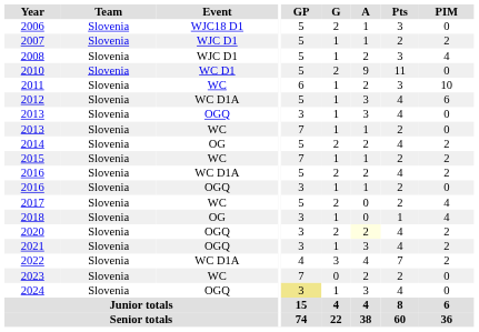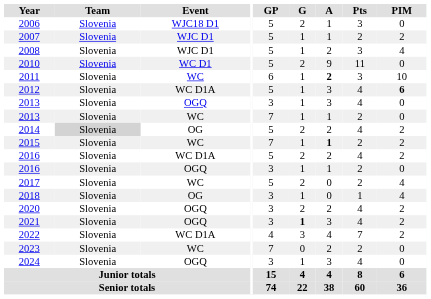 <table border="0" cellpadding="1" cellspacing="0" ID="Table3" style="text-align:center; width:40em">
 <tr ALIGN="center" bgcolor="#e0e0e0">
 <th>Year</th>
 <th>Team</th>
 <th>Event</th>
 <th rowspan="99" bgcolor="#ffffff"></th>
 <th>GP</th>
 <th>G</th>
 <th>A</th>
 <th>Pts</th>
 <th>PIM</th>
 </tr>
 <tr>
 <td><a href='#'>2006</a></td>
 <td><a href='#'>Slovenia</a></td>
 <td><a href='#'>WJC18 D1</a></td>
 <td>5</td>
 <td>2</td>
 <td>1</td>
 <td>3</td>
 <td>0</td>
 </tr>
 <tr bgcolor="#f0f0f0">
 <td><a href='#'>2007</a></td>
 <td><a href='#'>Slovenia</a></td>
 <td><a href='#'>WJC D1</a></td>
 <td>5</td>
 <td>1</td>
 <td>1</td>
 <td>2</td>
 <td>2</td>
 </tr>
 <tr>
 <td><a href='#'>2008</a></td>
 <td>Slovenia</td>
 <td>WJC D1</td>
 <td>5</td>
 <td>1</td>
 <td>2</td>
 <td>3</td>
 <td>4</td>
 </tr>
 <tr bgcolor="#f0f0f0">
 <td><a href='#'>2010</a></td>
 <td><a href='#'>Slovenia</a></td>
 <td><a href='#'>WC D1</a></td>
 <td>5</td>
 <td>2</td>
 <td>9</td>
 <td>11</td>
 <td>0</td>
 </tr>
 <tr>
 <td><a href='#'>2011</a></td>
 <td>Slovenia</td>
 <td><a href='#'>WC</a></td>
 <td>6</td>
 <td>1</td>
-<td>2</td>
+<td><strong>2</strong></td>
 <td>3</td>
 <td>10</td>
 </tr>
 <tr bgcolor="#f0f0f0">
 <td><a href='#'>2012</a></td>
 <td>Slovenia</td>
 <td>WC D1A</td>
 <td>5</td>
 <td>1</td>
 <td>3</td>
 <td>4</td>
-<td>6</td>
+<td><strong>6</strong></td>
 </tr>
 <tr>
 <td><a href='#'>2013</a></td>
 <td>Slovenia</td>
 <td><a href='#'>OGQ</a></td>
 <td>3</td>
 <td>1</td>
 <td>3</td>
 <td>4</td>
 <td>0</td>
 </tr>
 <tr bgcolor="#f0f0f0">
 <td><a href='#'>2013</a></td>
 <td>Slovenia</td>
 <td>WC</td>
 <td>7</td>
 <td>1</td>
 <td>1</td>
 <td>2</td>
 <td>0</td>
 </tr>
 <tr>
 <td><a href='#'>2014</a></td>
-<td>Slovenia</td>
+<td style="background: lightgrey;">Slovenia</td>
 <td>OG</td>
 <td>5</td>
 <td>2</td>
 <td>2</td>
 <td>4</td>
 <td>2</td>
 </tr>
 <tr bgcolor="#f0f0f0">
 <td><a href='#'>2015</a></td>
 <td>Slovenia</td>
 <td>WC</td>
 <td>7</td>
 <td>1</td>
-<td>1</td>
+<td><strong>1</strong></td>
 <td>2</td>
 <td>2</td>
 </tr>
 <tr>
 <td><a href='#'>2016</a></td>
 <td>Slovenia</td>
 <td>WC D1A</td>
 <td>5</td>
 <td>2</td>
 <td>2</td>
 <td>4</td>
 <td>2</td>
 </tr>
 <tr bgcolor="#f0f0f0">
 <td><a href='#'>2016</a></td>
 <td>Slovenia</td>
 <td>OGQ</td>
 <td>3</td>
 <td>1</td>
 <td>1</td>
 <td>2</td>
 <td>0</td>
 </tr>
 <tr>
 <td><a href='#'>2017</a></td>
 <td>Slovenia</td>
 <td>WC</td>
 <td>5</td>
 <td>2</td>
 <td>0</td>
 <td>2</td>
 <td>4</td>
 </tr>
 <tr bgcolor="#f0f0f0">
 <td><a href='#'>2018</a></td>
 <td>Slovenia</td>
 <td>OG</td>
 <td>3</td>
 <td>1</td>
 <td>0</td>
 <td>1</td>
 <td>4</td>
 </tr>
 <tr>
 <td><a href='#'>2020</a></td>
 <td>Slovenia</td>
 <td>OGQ</td>
 <td>3</td>
 <td>2</td>
-<td style="background: lightyellow;">2</td>
+<td>2</td>
 <td>4</td>
 <td>2</td>
 </tr>
 <tr bgcolor="#f0f0f0">
 <td><a href='#'>2021</a></td>
 <td>Slovenia</td>
 <td>OGQ</td>
 <td>3</td>
-<td>1</td>
+<td><strong>1</strong></td>
 <td>3</td>
 <td>4</td>
 <td>2</td>
 </tr>
 <tr>
 <td><a href='#'>2022</a></td>
 <td>Slovenia</td>
 <td>WC D1A</td>
 <td>4</td>
 <td>3</td>
 <td>4</td>
 <td>7</td>
 <td>2</td>
 </tr>
 <tr bgcolor="#f0f0f0">
 <td><a href='#'>2023</a></td>
 <td>Slovenia</td>
 <td>WC</td>
 <td>7</td>
 <td>0</td>
 <td>2</td>
 <td>2</td>
 <td>0</td>
 </tr>
 <tr>
 <td><a href='#'>2024</a></td>
 <td>Slovenia</td>
 <td>OGQ</td>
-<td style="background: khaki;">3</td>
+<td>3</td>
 <td>1</td>
 <td>3</td>
 <td>4</td>
 <td>0</td>
 </tr>
 <tr bgcolor="#e0e0e0">
 <th colspan=3>Junior totals</th>
 <th>15</th>
 <th>4</th>
 <th>4</th>
 <th>8</th>
 <th>6</th>
 </tr>
 <tr bgcolor="#e0e0e0">
 <th colspan=3>Senior totals</th>
 <th>74</th>
 <th>22</th>
 <th>38</th>
 <th>60</th>
 <th>36</th>
 </tr>
 </table>
